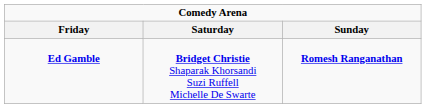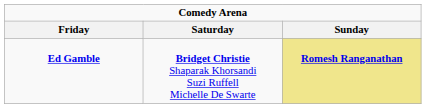 <table class="wikitable">
 <tr>
 <td colspan="3" align="center"><strong>Comedy Arena</strong></td>
 </tr>
 <tr>
 <th>Friday</th>
 <th>Saturday</th>
 <th>Sunday</th>
 </tr>
 <tr>
 <td valign="top" align="center" width=200><br><strong><a href='#'>Ed Gamble</a></strong></td>
 <td valign="top" align="center" width=200><br><strong><a href='#'>Bridget Christie</a></strong> <br> <a href='#'>Shaparak Khorsandi</a> <br> <a href='#'>Suzi Ruffell</a> <br> <a href='#'>Michelle De Swarte</a></td>
-<td valign="top" align="center" width=200><br><strong><a href='#'>Romesh Ranganathan</a></strong></td>
+<td valign="top" align="center" width=200 style="background: khaki;"><br><strong><a href='#'>Romesh Ranganathan</a></strong></td>
 </tr>
 </table>
